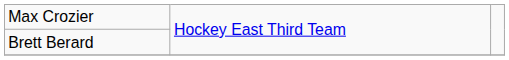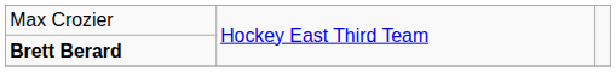 <table class="wikitable" width=40%>
 <tr>
 <td>Max Crozier</td>
 <td rowspan=2><a href='#'>Hockey East Third Team</a></td>
 <td rowspan=2></td>
 </tr>
 <tr>
-<td>Brett Berard</td>
+<td><strong>Brett Berard</strong></td>
 </tr>
 <tr>
 </tr>
 </table>
